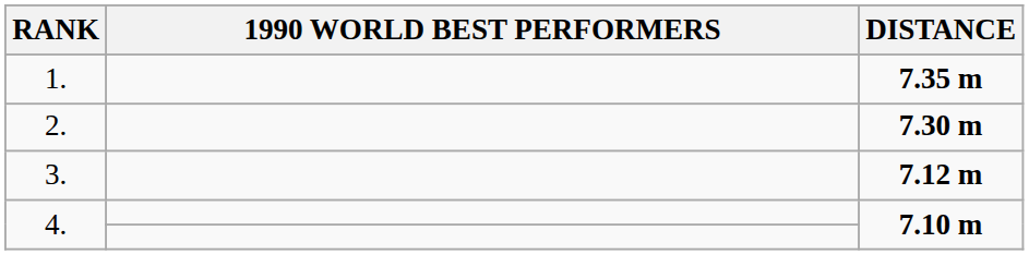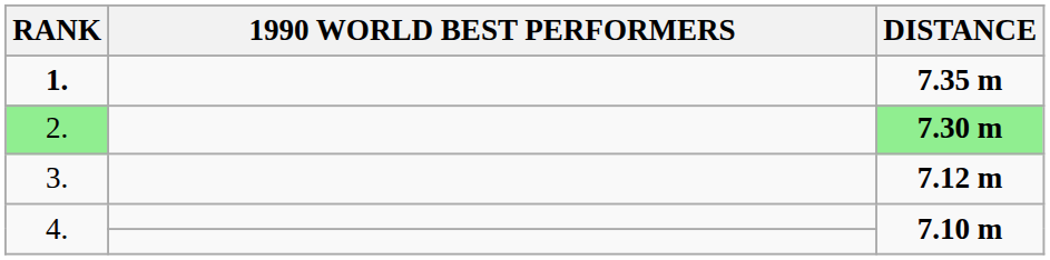 <table class="wikitable" style="border-collapse: collapse; font-size: 90%;">
 <tr>
 <th>RANK</th>
 <th align="center" style="width: 25em">1990 WORLD BEST PERFORMERS</th>
 <th align="center" style="width: 5em">DISTANCE</th>
 </tr>
 <tr>
-<td align="center">1.</td>
+<td align="center"><strong>1.</strong></td>
 <td></td>
 <td align="center"><strong>7.35 m</strong></td>
 </tr>
 <tr>
-<td align="center">2.</td>
+<td align="center" style="background: lightgreen;">2.</td>
 <td></td>
-<td align="center"><strong>7.30 m</strong></td>
+<td align="center" style="background: lightgreen;"><strong>7.30 m</strong></td>
 </tr>
 <tr>
 <td align="center">3.</td>
 <td></td>
 <td align="center"><strong>7.12 m</strong></td>
 </tr>
 <tr>
 <td rowspan=2 align="center">4.</td>
 <td></td>
 <td rowspan=2 align="center"><strong>7.10 m</strong></td>
 </tr>
 <tr>
 <td></td>
 </tr>
 </table>
